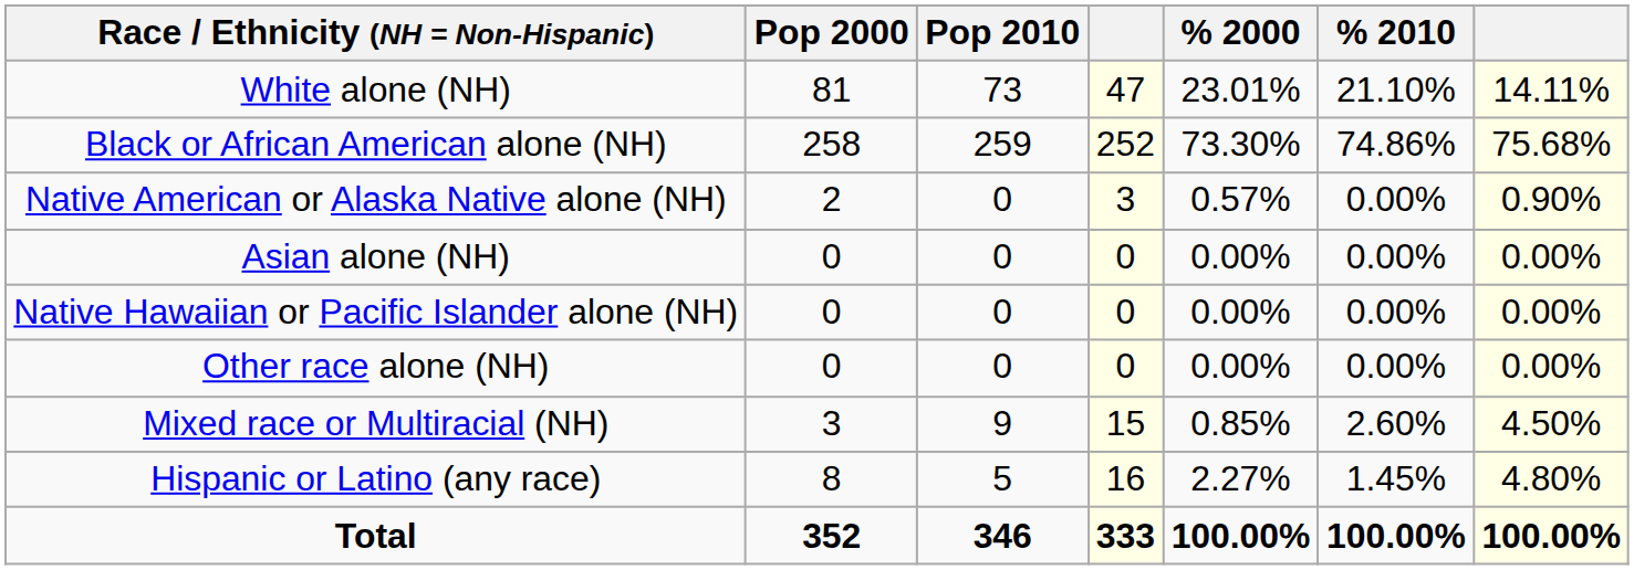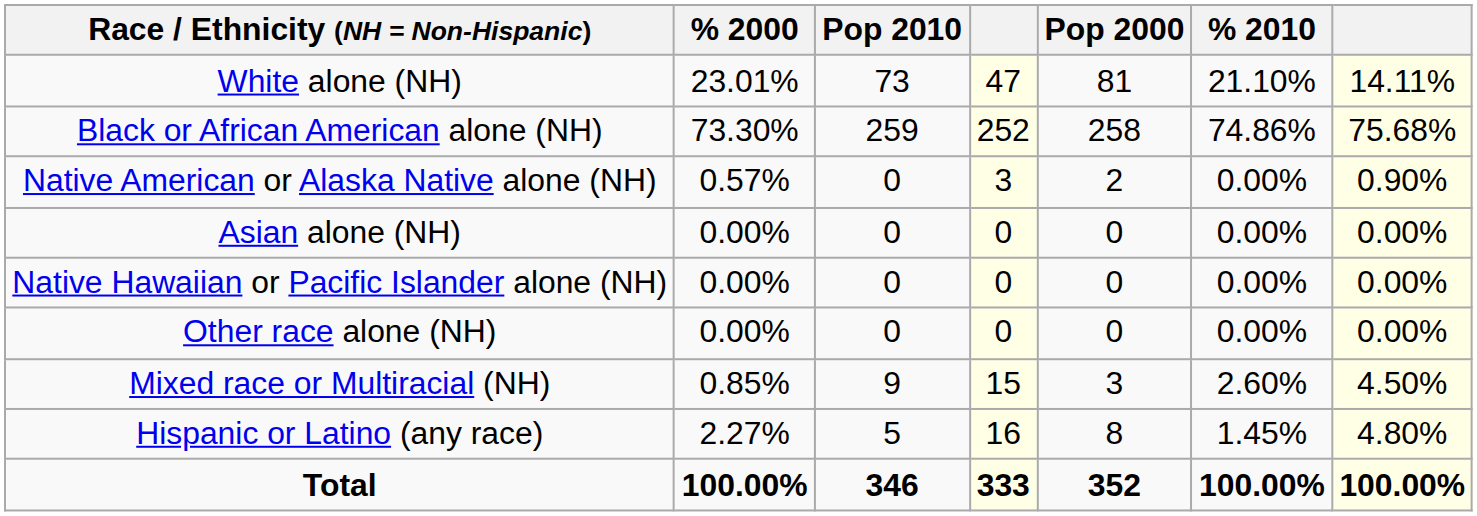 <table class="wikitable" style="text-align:center;">
 <tr>
 <th>Race / Ethnicity <small>(<em>NH = Non-Hispanic</em>)</small></th>
-<th>Pop 2000</th>
+<th>% 2000</th>
 <th>Pop 2010</th>
 <th></th>
-<th>% 2000</th>
+<th>Pop 2000</th>
 <th>% 2010</th>
 <th></th>
 </tr>
 <tr>
 <td><a href='#'>White</a> alone (NH)</td>
-<td>81</td>
+<td>23.01%</td>
 <td>73</td>
 <td style='background: #ffffe6;'>47</td>
-<td>23.01%</td>
+<td>81</td>
 <td>21.10%</td>
 <td style='background: #ffffe6;'>14.11%</td>
 </tr>
 <tr>
 <td><a href='#'>Black or African American</a> alone (NH)</td>
-<td>258</td>
+<td>73.30%</td>
 <td>259</td>
 <td style='background: #ffffe6;'>252</td>
-<td>73.30%</td>
+<td>258</td>
 <td>74.86%</td>
 <td style='background: #ffffe6;'>75.68%</td>
 </tr>
 <tr>
 <td><a href='#'>Native American</a> or <a href='#'>Alaska Native</a> alone (NH)</td>
-<td>2</td>
+<td>0.57%</td>
 <td>0</td>
 <td style='background: #ffffe6;'>3</td>
-<td>0.57%</td>
+<td>2</td>
 <td>0.00%</td>
 <td style='background: #ffffe6;'>0.90%</td>
 </tr>
 <tr>
 <td><a href='#'>Asian</a> alone (NH)</td>
-<td>0</td>
+<td>0.00%</td>
 <td>0</td>
 <td style='background: #ffffe6;'>0</td>
-<td>0.00%</td>
+<td>0</td>
 <td>0.00%</td>
 <td style='background: #ffffe6;'>0.00%</td>
 </tr>
 <tr>
 <td><a href='#'>Native Hawaiian</a> or <a href='#'>Pacific Islander</a> alone (NH)</td>
-<td>0</td>
+<td>0.00%</td>
 <td>0</td>
 <td style='background: #ffffe6;'>0</td>
-<td>0.00%</td>
+<td>0</td>
 <td>0.00%</td>
 <td style='background: #ffffe6;'>0.00%</td>
 </tr>
 <tr>
 <td><a href='#'>Other race</a> alone (NH)</td>
-<td>0</td>
+<td>0.00%</td>
 <td>0</td>
 <td style='background: #ffffe6;'>0</td>
-<td>0.00%</td>
+<td>0</td>
 <td>0.00%</td>
 <td style='background: #ffffe6;'>0.00%</td>
 </tr>
 <tr>
 <td><a href='#'>Mixed race or Multiracial</a> (NH)</td>
-<td>3</td>
+<td>0.85%</td>
 <td>9</td>
 <td style='background: #ffffe6;'>15</td>
-<td>0.85%</td>
+<td>3</td>
 <td>2.60%</td>
 <td style='background: #ffffe6;'>4.50%</td>
 </tr>
 <tr>
 <td><a href='#'>Hispanic or Latino</a> (any race)</td>
-<td>8</td>
+<td>2.27%</td>
 <td>5</td>
 <td style='background: #ffffe6;'>16</td>
-<td>2.27%</td>
+<td>8</td>
 <td>1.45%</td>
 <td style='background: #ffffe6;'>4.80%</td>
 </tr>
 <tr>
 <td><strong>Total</strong></td>
-<td><strong>352</strong></td>
+<td><strong>100.00%</strong></td>
 <td><strong>346</strong></td>
 <td style='background: #ffffe6;'><strong>333</strong></td>
-<td><strong>100.00%</strong></td>
+<td><strong>352</strong></td>
 <td><strong>100.00%</strong></td>
 <td style='background: #ffffe6;'><strong>100.00%</strong></td>
 </tr>
 </table>
